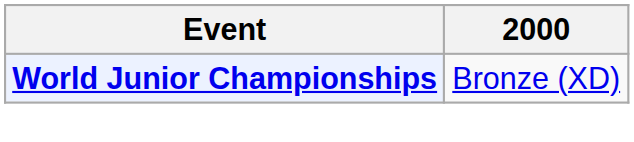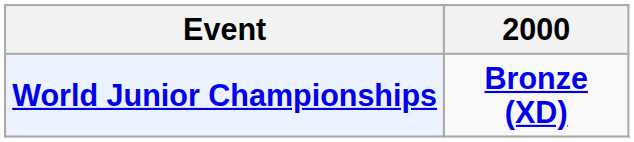 <table style='font-size: 90%; text-align:center;' class='wikitable'>
 <tr>
 <th>Event</th>
 <th>2000</th>
 </tr>
 <tr>
 <td bgcolor="#ECF2FF"; align="left"><strong><a href='#'>World Junior Championships</a></strong></td>
-<td style="width: 80px"> <a href='#'>Bronze (XD)</a></td>
+<td style="width: 80px"><strong> <a href='#'>Bronze (XD)</a></strong></td>
 </tr>
 </table>
